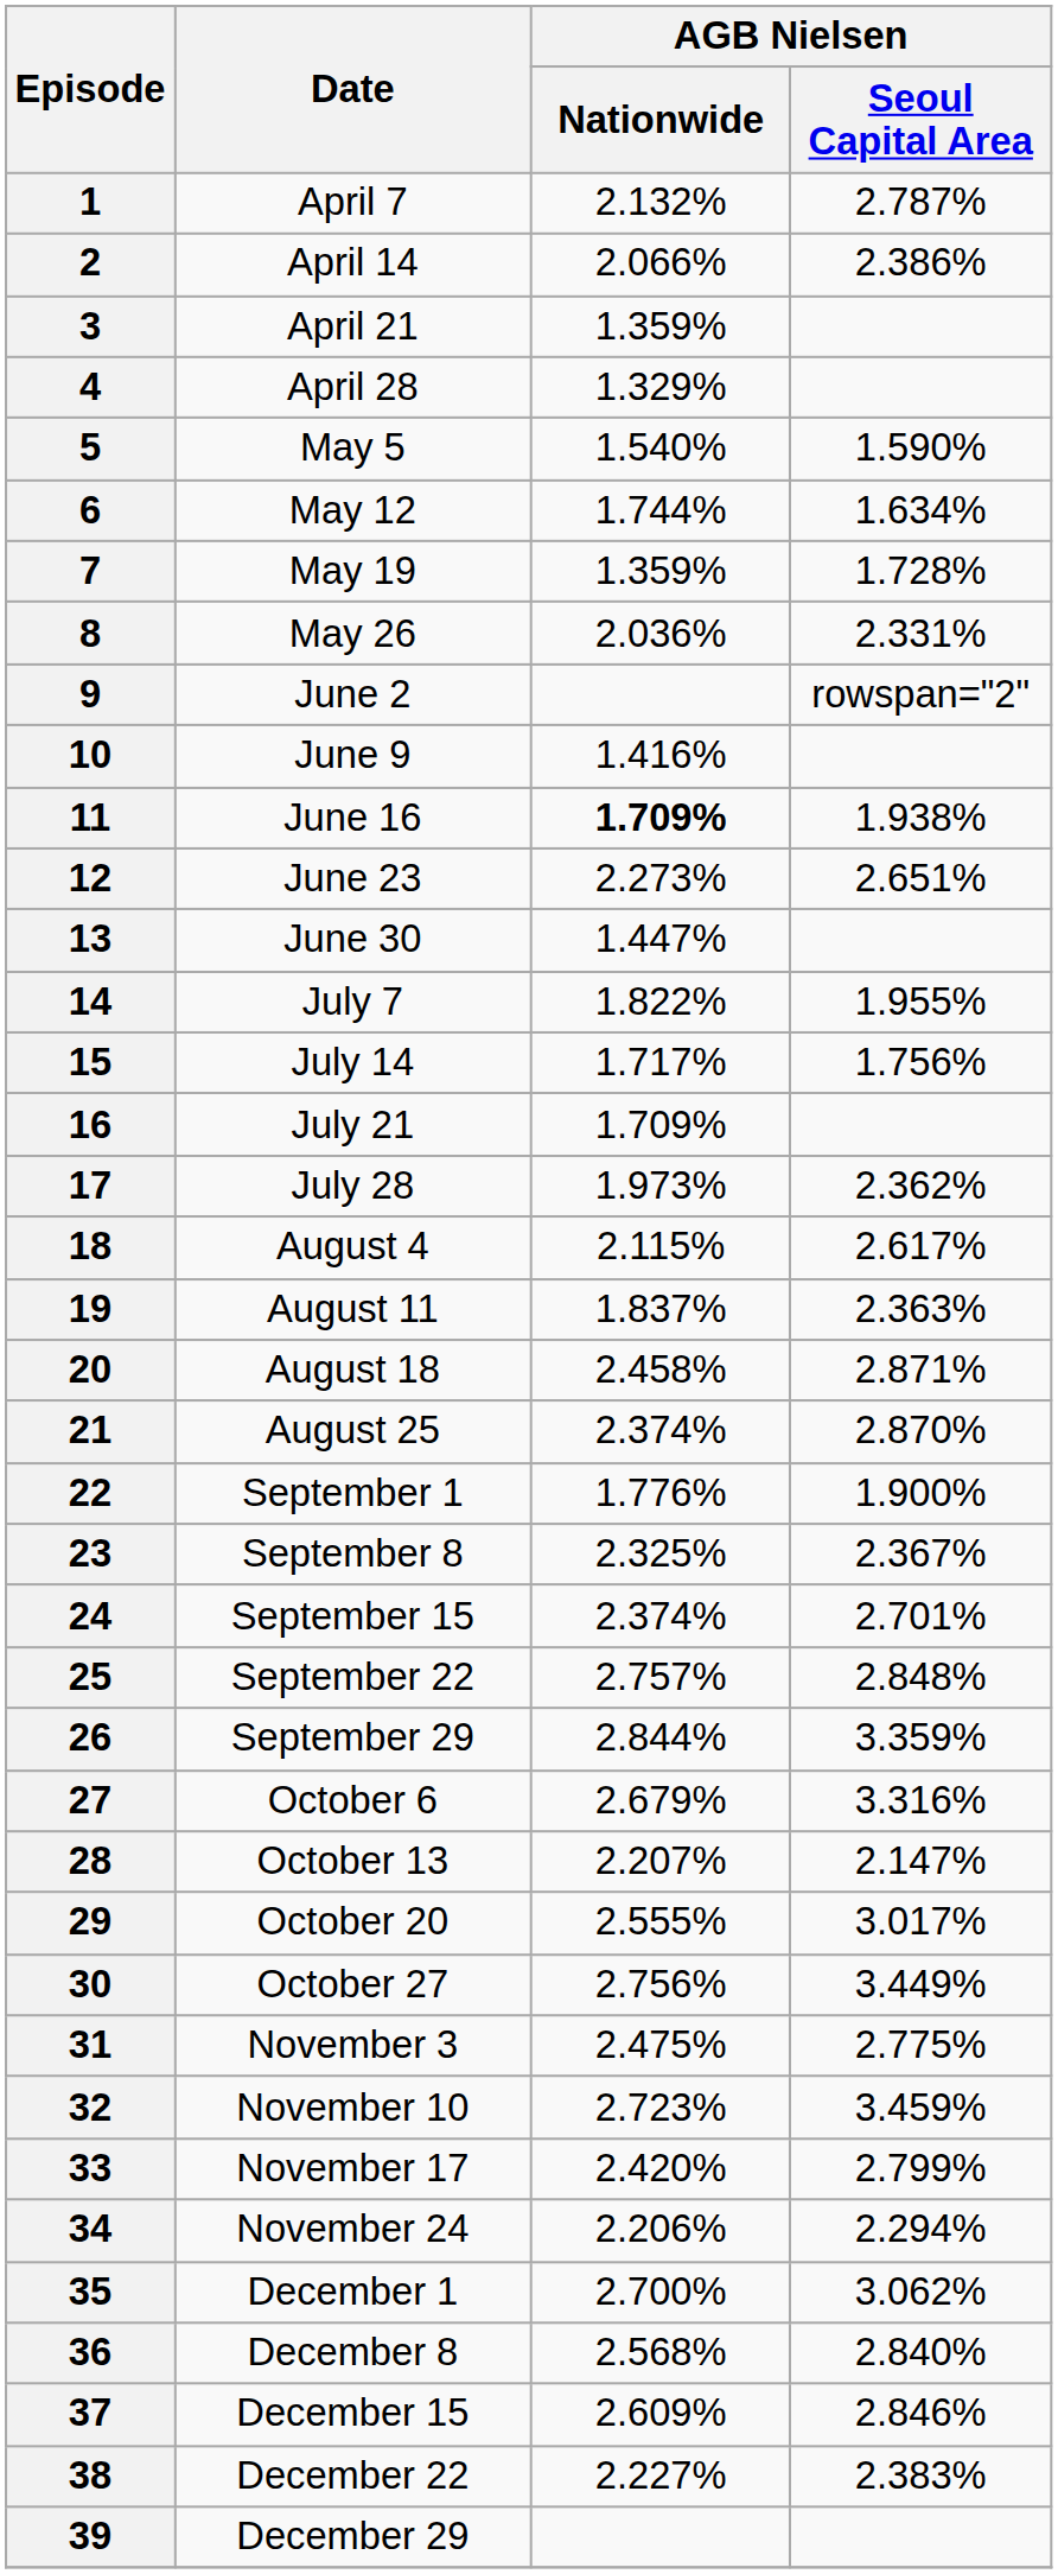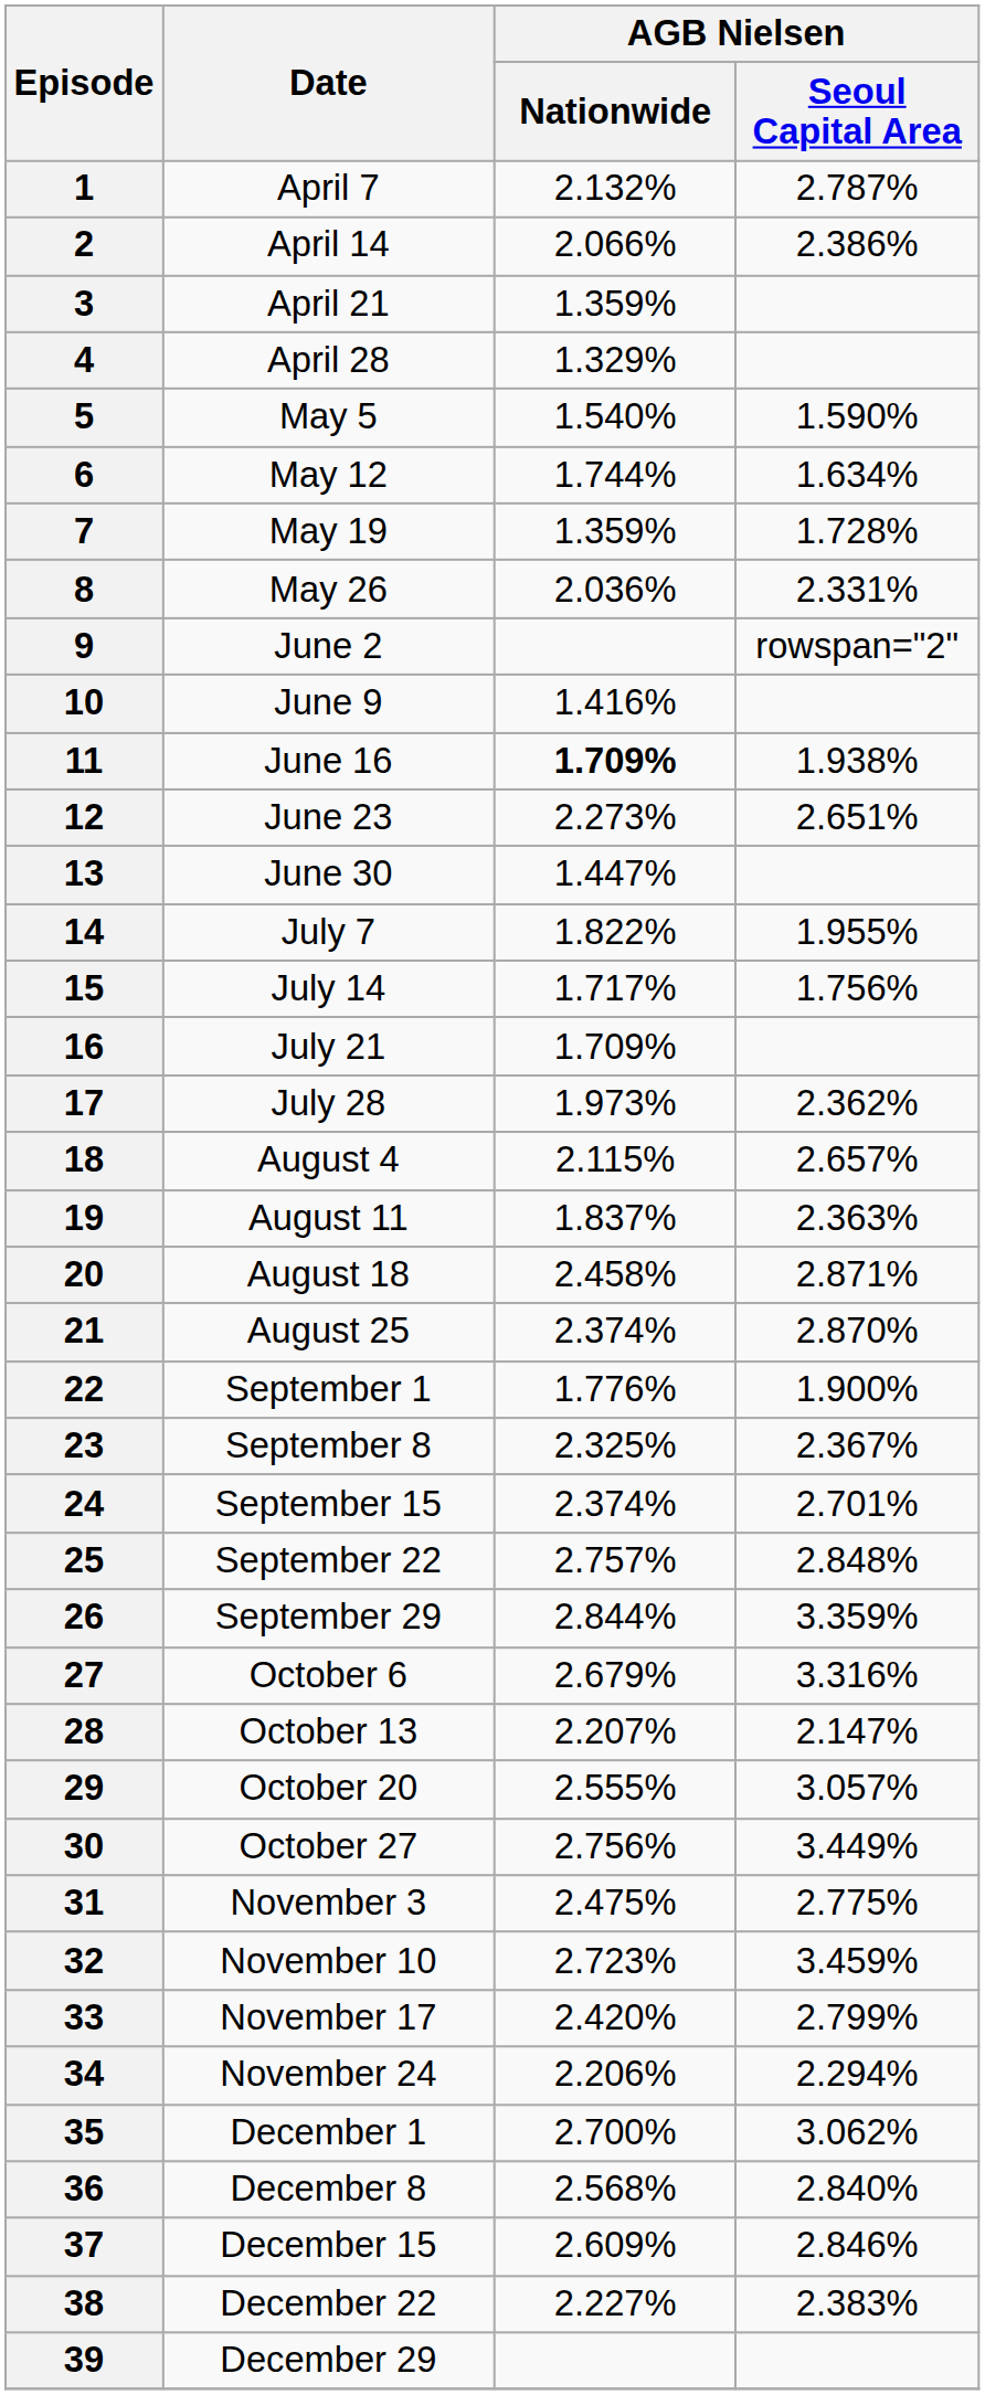 <table Class="wikitable sortable" style="text-align:center">
 <tr>
 <th rowspan=2>Episode</th>
 <th rowspan=2 style="width:140px;">Date</th>
 <th colspan=2 style="width:110px;">AGB Nielsen<br></th>
 </tr>
 <tr>
 <th width=100>Nationwide</th>
 <th width=100><a href='#'>Seoul Capital Area</a></th>
 </tr>
 <tr>
 <th>1</th>
 <td>April 7</td>
 <td>2.132%</td>
 <td>2.787%</td>
 </tr>
 <tr>
 <th>2</th>
 <td>April 14</td>
 <td>2.066%</td>
 <td>2.386%</td>
 </tr>
 <tr>
 <th>3</th>
 <td>April 21</td>
 <td>1.359%</td>
 <td></td>
 </tr>
 <tr>
 <th>4</th>
 <td>April 28</td>
 <td>1.329%</td>
 <td></td>
 </tr>
 <tr>
 <th>5</th>
 <td>May 5</td>
 <td>1.540%</td>
 <td>1.590%</td>
 </tr>
 <tr>
 <th>6</th>
 <td>May 12</td>
 <td>1.744%</td>
 <td>1.634%</td>
 </tr>
 <tr>
 <th>7</th>
 <td>May 19</td>
 <td>1.359%</td>
 <td>1.728%</td>
 </tr>
 <tr>
 <th>8</th>
 <td>May 26</td>
 <td>2.036%</td>
 <td>2.331%</td>
 </tr>
 <tr>
 <th>9</th>
 <td>June 2</td>
 <td></td>
 <td>rowspan="2" </td>
 </tr>
 <tr>
 <th>10</th>
 <td>June 9</td>
 <td>1.416%</td>
 </tr>
 <tr>
 <th>11</th>
 <td>June 16</td>
 <td><strong>1.709%</strong></td>
 <td>1.938%</td>
 </tr>
 <tr>
 <th>12</th>
 <td>June 23</td>
 <td>2.273%</td>
 <td>2.651%</td>
 </tr>
 <tr>
 <th>13</th>
 <td>June 30</td>
 <td>1.447%</td>
 <td></td>
 </tr>
 <tr>
 <th>14</th>
 <td>July 7</td>
 <td>1.822%</td>
 <td>1.955%</td>
 </tr>
 <tr>
 <th>15</th>
 <td>July 14</td>
 <td>1.717%</td>
 <td>1.756%</td>
 </tr>
 <tr>
 <th>16</th>
 <td>July 21</td>
 <td>1.709%</td>
 <td></td>
 </tr>
 <tr>
 <th>17</th>
 <td>July 28</td>
 <td>1.973%</td>
 <td>2.362%</td>
 </tr>
 <tr>
 <th>18</th>
 <td>August 4</td>
 <td>2.115%</td>
-<td>2.617%</td>
+<td>2.657%</td>
 </tr>
 <tr>
 <th>19</th>
 <td>August 11</td>
 <td>1.837%</td>
 <td>2.363%</td>
 </tr>
 <tr>
 <th>20</th>
 <td>August 18</td>
 <td>2.458%</td>
 <td>2.871%</td>
 </tr>
 <tr>
 <th>21</th>
 <td>August 25</td>
 <td>2.374%</td>
 <td>2.870%</td>
 </tr>
 <tr>
 <th>22</th>
 <td>September 1</td>
 <td>1.776%</td>
 <td>1.900%</td>
 </tr>
 <tr>
 <th>23</th>
 <td>September 8</td>
 <td>2.325%</td>
 <td>2.367%</td>
 </tr>
 <tr>
 <th>24</th>
 <td>September 15</td>
 <td>2.374%</td>
 <td>2.701%</td>
 </tr>
 <tr>
 <th>25</th>
 <td>September 22</td>
 <td>2.757%</td>
 <td>2.848%</td>
 </tr>
 <tr>
 <th>26</th>
 <td>September 29</td>
 <td>2.844%</td>
 <td>3.359%</td>
 </tr>
 <tr>
 <th>27</th>
 <td>October 6</td>
 <td>2.679%</td>
 <td>3.316%</td>
 </tr>
 <tr>
 <th>28</th>
 <td>October 13</td>
 <td>2.207%</td>
 <td>2.147%</td>
 </tr>
 <tr>
 <th>29</th>
 <td>October 20</td>
 <td>2.555%</td>
-<td>3.017%</td>
+<td>3.057%</td>
 </tr>
 <tr>
 <th>30</th>
 <td>October 27</td>
 <td>2.756%</td>
 <td>3.449%</td>
 </tr>
 <tr>
 <th>31</th>
 <td>November 3</td>
 <td>2.475%</td>
 <td>2.775%</td>
 </tr>
 <tr>
 <th>32</th>
 <td>November 10</td>
 <td>2.723%</td>
 <td>3.459%</td>
 </tr>
 <tr>
 <th>33</th>
 <td>November 17</td>
 <td>2.420%</td>
 <td>2.799%</td>
 </tr>
 <tr>
 <th>34</th>
 <td>November 24</td>
 <td>2.206%</td>
 <td>2.294%</td>
 </tr>
 <tr>
 <th>35</th>
 <td>December 1</td>
 <td>2.700%</td>
 <td>3.062%</td>
 </tr>
 <tr>
 <th>36</th>
 <td>December 8</td>
 <td>2.568%</td>
 <td>2.840%</td>
 </tr>
 <tr>
 <th>37</th>
 <td>December 15</td>
 <td>2.609%</td>
 <td>2.846%</td>
 </tr>
 <tr>
 <th>38</th>
 <td>December 22</td>
 <td>2.227%</td>
 <td>2.383%</td>
 </tr>
 <tr>
 <th>39</th>
 <td>December 29</td>
 <td></td>
 <td></td>
 </tr>
 <tr>
 </tr>
 </table>
